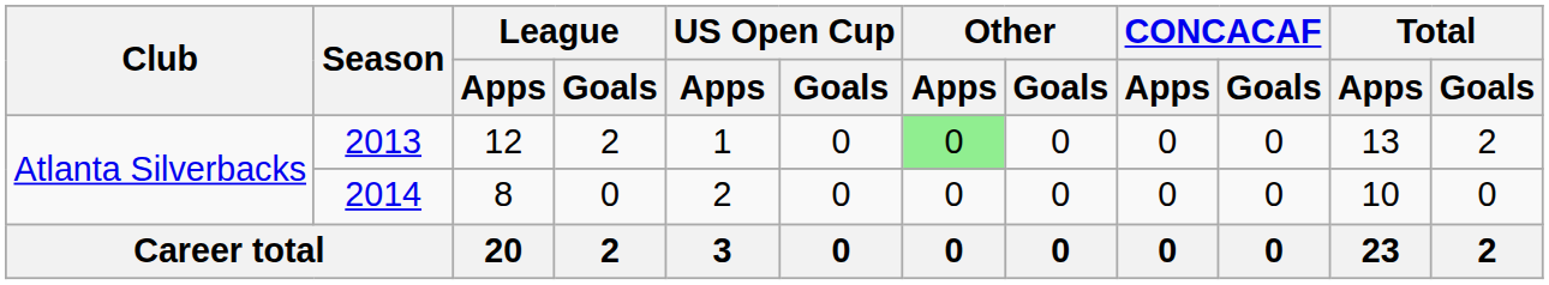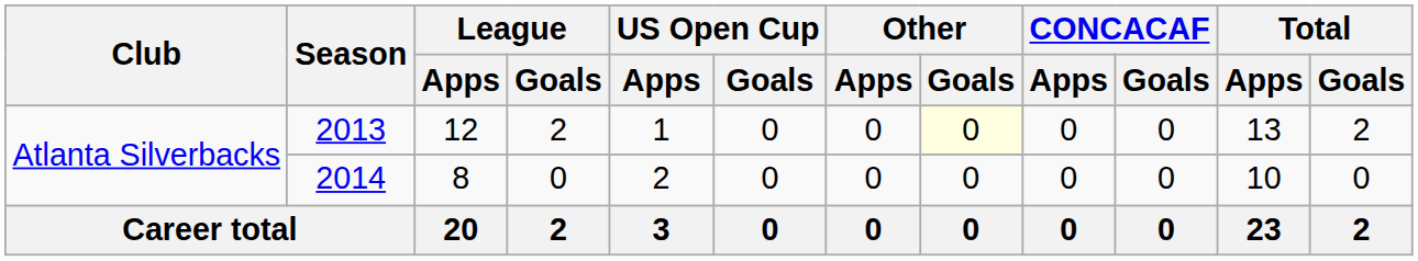 <table class="wikitable" style="text-align: center;">
 <tr>
 <th rowspan="2">Club</th>
 <th rowspan="2">Season</th>
 <th colspan="2">League</th>
 <th colspan="2">US Open Cup</th>
 <th colspan="2">Other</th>
 <th colspan="2"><a href='#'>CONCACAF</a></th>
 <th colspan="2">Total</th>
 </tr>
 <tr>
 <th>Apps</th>
 <th>Goals</th>
 <th>Apps</th>
 <th>Goals</th>
 <th>Apps</th>
 <th>Goals</th>
 <th>Apps</th>
 <th>Goals</th>
 <th>Apps</th>
 <th>Goals</th>
 </tr>
 <tr>
 <td rowspan="2"><a href='#'>Atlanta Silverbacks</a></td>
 <td><a href='#'>2013</a></td>
 <td>12</td>
 <td>2</td>
 <td>1</td>
 <td>0</td>
-<td style="background: lightgreen;">0</td>
 <td>0</td>
+<td style="background: lightyellow;">0</td>
 <td>0</td>
 <td>0</td>
 <td>13</td>
 <td>2</td>
 </tr>
 <tr>
 <td><a href='#'>2014</a></td>
 <td>8</td>
 <td>0</td>
 <td>2</td>
 <td>0</td>
 <td>0</td>
 <td>0</td>
 <td>0</td>
 <td>0</td>
 <td>10</td>
 <td>0</td>
 </tr>
 <tr>
 <th colspan="2">Career total</th>
 <th>20</th>
 <th>2</th>
 <th>3</th>
 <th>0</th>
 <th>0</th>
 <th>0</th>
 <th>0</th>
 <th>0</th>
 <th>23</th>
 <th>2</th>
 </tr>
 </table>
